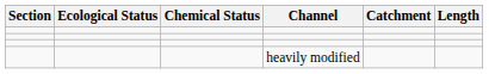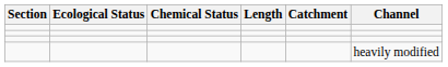 <table class="wikitable">
 <tr>
 <th>Section</th>
 <th>Ecological Status</th>
 <th>Chemical Status</th>
+<th>Length</th>
+<th>Catchment</th>
 <th>Channel</th>
-<th>Catchment</th>
-<th>Length</th>
 </tr>
 <tr>
 <td></td>
 <td></td>
 <td></td>
 <td></td>
 <td></td>
 <td></td>
 </tr>
 <tr>
 <td></td>
 <td></td>
 <td></td>
 <td></td>
 <td></td>
 <td></td>
 </tr>
 <tr>
 <td></td>
 <td></td>
 <td></td>
 <td></td>
 <td></td>
 <td></td>
 </tr>
 <tr>
 <td></td>
 <td></td>
 <td></td>
-<td>heavily modified</td>
 <td></td>
 <td></td>
+<td>heavily modified</td>
 </tr>
 </table>
